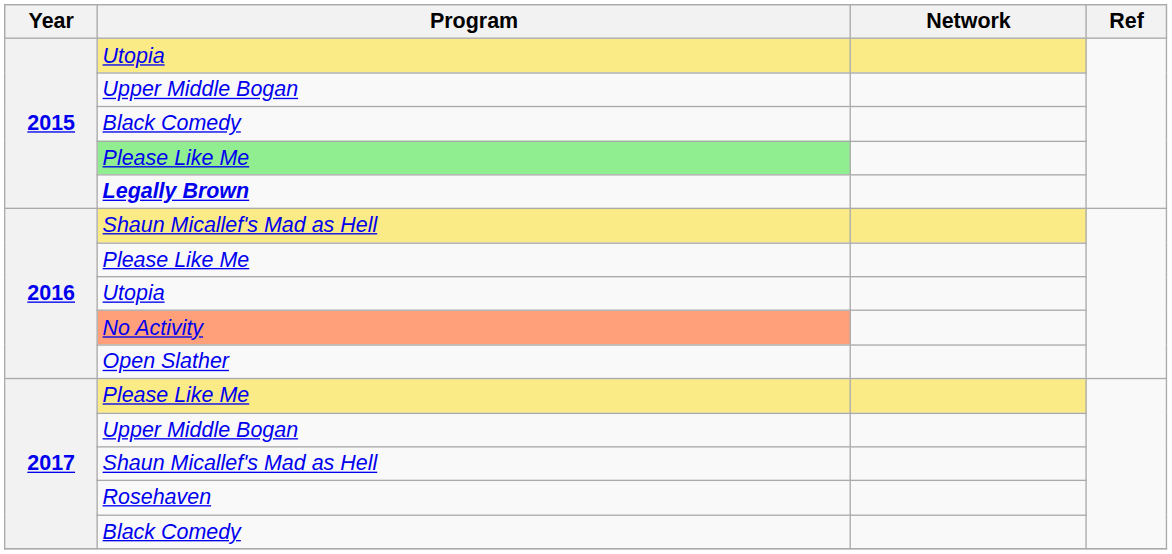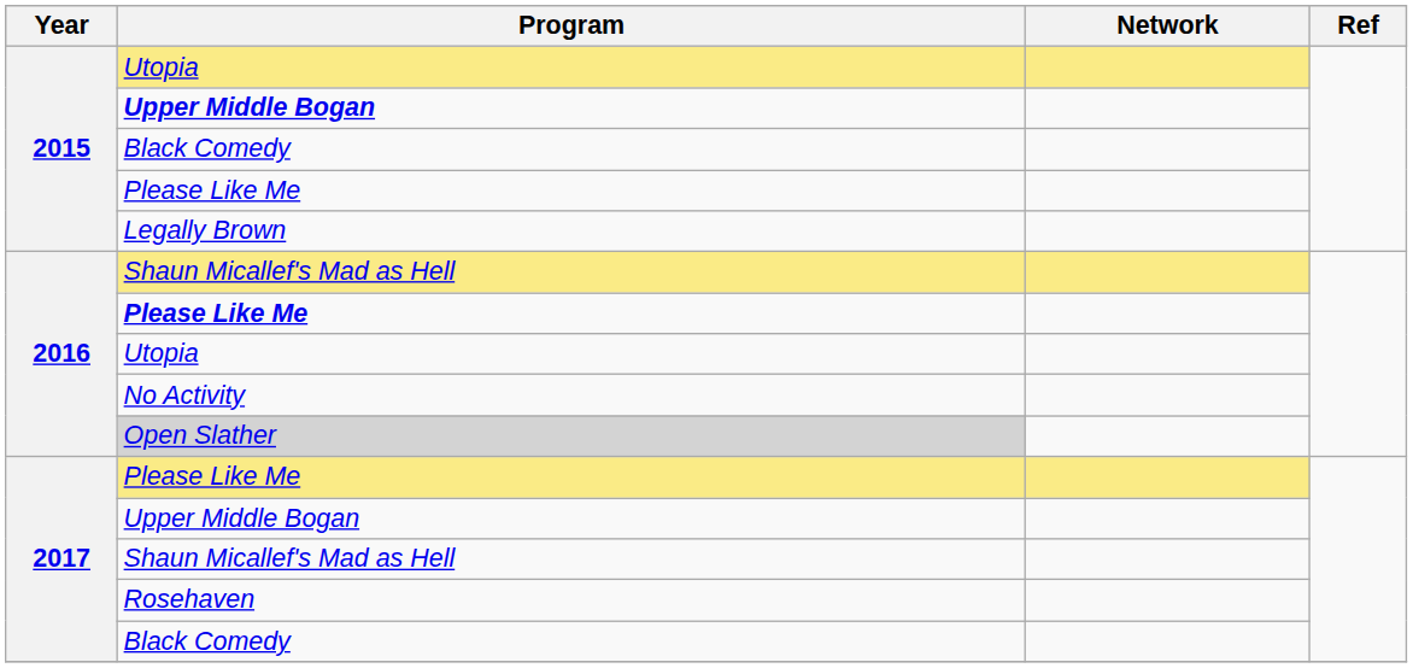 <table class="wikitable sortable">
 <tr style="background:#bebebe;">
 <th scope="col" style="width:1%;">Year</th>
 <th scope="col" style="width:16%;">Program</th>
 <th scope="col" style="width:4%;">Network</th>
 <th scope="col" style="width:1%;" class="unsortable">Ref</th>
 </tr>
 <tr>
 <th scope="row" rowspan="5" style="text-align:center"><a href='#'>2015</a></th>
 <td style="background:#FAEB86"><em><a href='#'>Utopia</a></em></td>
 <td style="background:#FAEB86"></td>
 <td rowspan="5"></td>
 </tr>
 <tr>
-<td><em><a href='#'>Upper Middle Bogan</a></em></td>
+<td><strong><em><a href='#'>Upper Middle Bogan</a></em></strong></td>
 <td></td>
 </tr>
 <tr>
 <td><em><a href='#'>Black Comedy</a></em></td>
 <td></td>
 </tr>
 <tr>
-<td style="background: lightgreen;"><em><a href='#'>Please Like Me</a></em></td>
+<td><em><a href='#'>Please Like Me</a></em></td>
 <td></td>
 </tr>
 <tr>
-<td><strong><em><a href='#'>Legally Brown</a></em></strong></td>
+<td><em><a href='#'>Legally Brown</a></em></td>
 <td></td>
 </tr>
 <tr>
 <th scope="row" rowspan="5" style="text-align:center"><a href='#'>2016</a></th>
 <td style="background:#FAEB86"><em><a href='#'>Shaun Micallef's Mad as Hell</a></em></td>
 <td style="background:#FAEB86"></td>
 <td rowspan="5"></td>
 </tr>
 <tr>
-<td><em><a href='#'>Please Like Me</a></em></td>
+<td><strong><em><a href='#'>Please Like Me</a></em></strong></td>
 <td></td>
 </tr>
 <tr>
 <td><em><a href='#'>Utopia</a></em></td>
 <td></td>
 </tr>
 <tr>
-<td style="background: lightsalmon;"><em><a href='#'>No Activity</a></em></td>
+<td><em><a href='#'>No Activity</a></em></td>
 <td></td>
 </tr>
 <tr>
-<td><em><a href='#'>Open Slather</a></em></td>
+<td style="background: lightgrey;"><em><a href='#'>Open Slather</a></em></td>
 <td></td>
 </tr>
 <tr>
 <th scope="row" rowspan="5" style="text-align:center"><a href='#'>2017</a></th>
 <td style="background:#FAEB86"><em><a href='#'>Please Like Me</a></em></td>
 <td style="background:#FAEB86"></td>
 <td rowspan="5"></td>
 </tr>
 <tr>
 <td><em><a href='#'>Upper Middle Bogan</a></em></td>
 <td></td>
 </tr>
 <tr>
 <td><em><a href='#'>Shaun Micallef's Mad as Hell</a></em></td>
 <td></td>
 </tr>
 <tr>
 <td><em><a href='#'>Rosehaven</a></em></td>
 <td></td>
 </tr>
 <tr>
 <td><em><a href='#'>Black Comedy</a></em></td>
 <td></td>
 </tr>
 <tr>
 </tr>
 </table>
